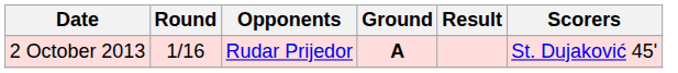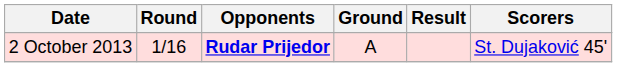 <table class="wikitable" style="text-align:center">
 <tr>
 <th>Date</th>
 <th>Round</th>
 <th>Opponents</th>
 <th>Ground</th>
 <th>Result</th>
 <th>Scorers</th>
 </tr>
 <tr>
 </tr>
 <tr bgcolor="#ffdddd">
 <td>2 October 2013</td>
 <td>1/16</td>
-<td><a href='#'>Rudar Prijedor</a></td>
-<td><strong>A</strong></td>
+<td><strong><a href='#'>Rudar Prijedor</a></strong></td>
+<td>A</td>
 <td></td>
 <td><a href='#'>St. Dujaković</a> 45'</td>
 </tr>
 <tr>
 </tr>
 </table>
